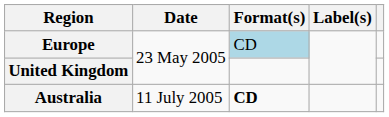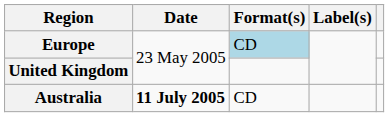 <table class="wikitable plainrowheaders">
 <tr>
 <th scope="col">Region</th>
 <th scope="col">Date</th>
 <th scope="col">Format(s)</th>
 <th scope="col">Label(s)</th>
 <th scope="col"></th>
 </tr>
 <tr>
 <th scope="row">Europe</th>
 <td rowspan="2">23 May 2005</td>
 <td style="background: lightblue;">CD</td>
 <td rowspan="2"></td>
 <td align="center"></td>
 </tr>
 <tr>
 <th scope="row">United Kingdom</th>
 <td></td>
 <td align="center"></td>
 </tr>
 <tr>
 <th scope="row">Australia</th>
-<td>11 July 2005</td>
-<td><strong>CD</strong></td>
+<td><strong>11 July 2005</strong></td>
+<td>CD</td>
 <td></td>
 <td align="center"></td>
 </tr>
 </table>
